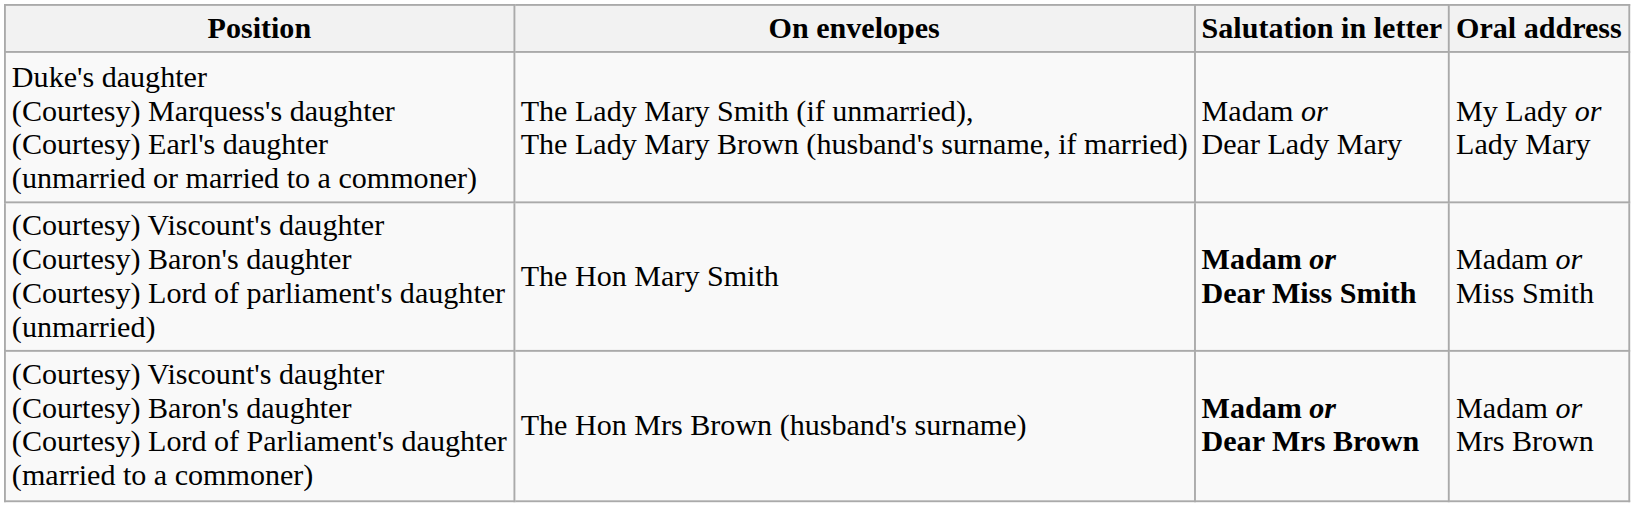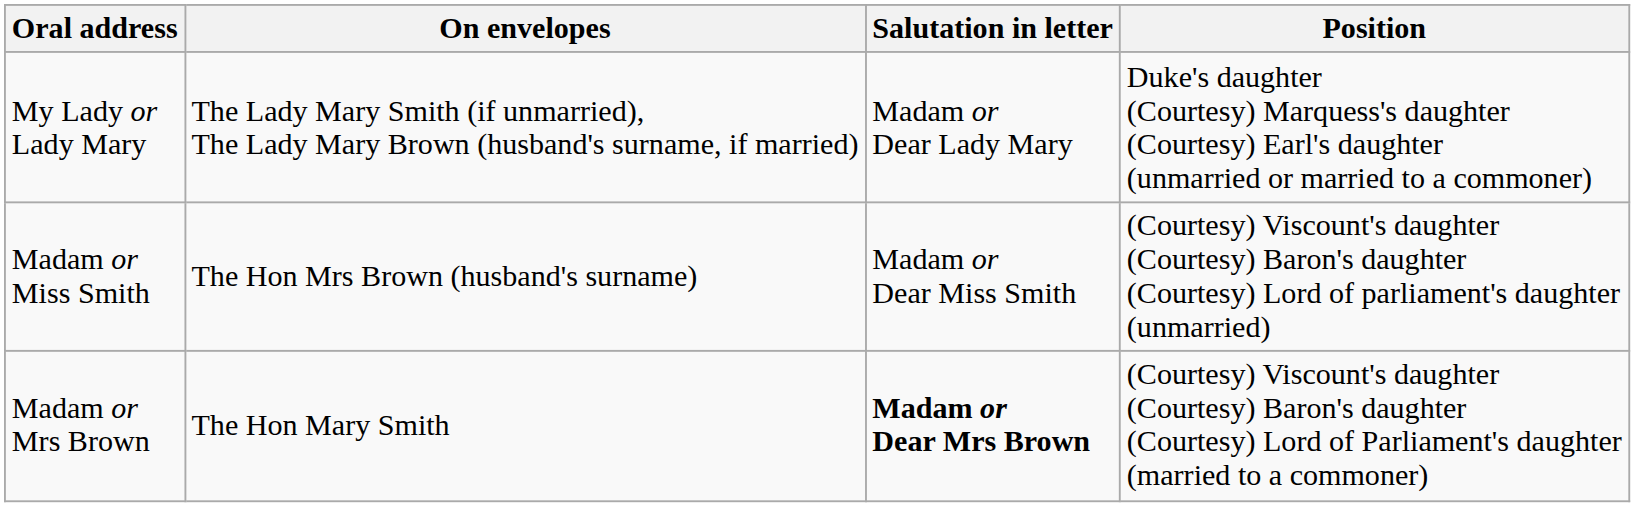 <table class="wikitable">
 <tr>
-<th>Position</th>
+<th>Oral address</th>
 <th>On envelopes</th>
 <th>Salutation in letter</th>
-<th>Oral address</th>
+<th>Position</th>
 </tr>
 <tr>
-<td>Duke's daughter<br>(Courtesy) Marquess's daughter<br>(Courtesy) Earl's daughter<br>(unmarried or married to a commoner)</td>
+<td>My Lady <em>or</em><br>Lady Mary</td>
 <td>The Lady Mary Smith (if unmarried),<br>The Lady Mary Brown (husband's surname, if married)</td>
 <td>Madam <em>or</em><br>Dear Lady Mary</td>
-<td>My Lady <em>or</em><br>Lady Mary</td>
+<td>Duke's daughter<br>(Courtesy) Marquess's daughter<br>(Courtesy) Earl's daughter<br>(unmarried or married to a commoner)</td>
 </tr>
 <tr>
+<td>Madam <em>or</em><br>Miss Smith</td>
+<td>The Hon Mrs Brown (husband's surname)</td>
+<td>Madam <em>or</em><br>Dear Miss Smith</td>
 <td>(Courtesy) Viscount's daughter<br>(Courtesy) Baron's daughter<br>(Courtesy) Lord of parliament's daughter<br>(unmarried)</td>
-<td>The Hon Mary Smith</td>
-<td><strong>Madam <em>or</em><br>Dear Miss Smith</strong></td>
-<td>Madam <em>or</em><br>Miss Smith</td>
 </tr>
 <tr>
+<td>Madam <em>or</em><br>Mrs Brown</td>
+<td>The Hon Mary Smith</td>
+<td><strong>Madam <em>or</em><br>Dear Mrs Brown</strong></td>
 <td>(Courtesy) Viscount's daughter<br>(Courtesy) Baron's daughter<br>(Courtesy) Lord of Parliament's daughter<br>(married to a commoner)</td>
-<td>The Hon Mrs Brown (husband's surname)</td>
-<td><strong>Madam <em>or</em><br>Dear Mrs Brown</strong></td>
-<td>Madam <em>or</em><br>Mrs Brown</td>
 </tr>
 </table>
